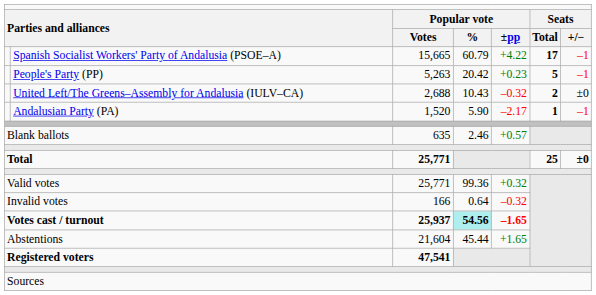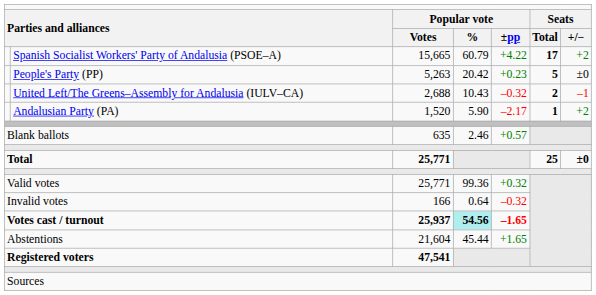 <table class="wikitable" style="text-align:right;">
 <tr>
 <td colspan="7"></td>
 </tr>
 <tr>
 <th style="text-align:left;" rowspan="2" colspan="2" width="525">Parties and alliances</th>
 <th colspan="3">Popular vote</th>
 <th colspan="2">Seats</th>
 </tr>
 <tr>
 <th width="75">Votes</th>
 <th width="45">%</th>
 <th width="45">±<a href='#'>pp</a></th>
 <th width="35">Total</th>
 <th width="35">+/−</th>
 </tr>
 <tr>
 <td width="1" style="color:inherit;background:"></td>
 <td align="left"><a href='#'>Spanish Socialist Workers' Party of Andalusia</a> (PSOE–A)</td>
 <td>15,665</td>
 <td>60.79</td>
 <td style="color:green;">+4.22</td>
 <td><strong>17</strong></td>
-<td style="color:red;">–1</td>
+<td style="color:green;">+2</td>
 </tr>
 <tr>
 <td style="color:inherit;background:"></td>
 <td align="left"><a href='#'>People's Party</a> (PP)</td>
 <td>5,263</td>
 <td>20.42</td>
 <td style="color:green;">+0.23</td>
 <td><strong>5</strong></td>
-<td style="color:red;">–1</td>
+<td>±0</td>
 </tr>
 <tr>
 <td style="color:inherit;background:"></td>
 <td align="left"><a href='#'>United Left/The Greens–Assembly for Andalusia</a> (IULV–CA)</td>
 <td>2,688</td>
 <td>10.43</td>
 <td style="color:red;">–0.32</td>
 <td><strong>2</strong></td>
-<td>±0</td>
+<td style="color:red;">–1</td>
 </tr>
 <tr>
 <td style="color:inherit;background:"></td>
 <td align="left"><a href='#'>Andalusian Party</a> (PA)</td>
 <td>1,520</td>
 <td>5.90</td>
 <td style="color:red;">–2.17</td>
 <td><strong>1</strong></td>
-<td style="color:red;">–1</td>
+<td style="color:green;">+2</td>
 </tr>
 <tr>
 <td colspan="7" bgcolor="#C0C0C0"></td>
 </tr>
 <tr>
 <td align="left" colspan="2">Blank ballots</td>
 <td>635</td>
 <td>2.46</td>
 <td style="color:green;">+0.57</td>
 <td bgcolor="#E9E9E9" colspan="2"></td>
 </tr>
 <tr>
 <td colspan="7" bgcolor="#E9E9E9"></td>
 </tr>
 <tr style="font-weight:bold;">
 <td align="left" colspan="2">Total</td>
 <td>25,771</td>
 <td bgcolor="#E9E9E9" colspan="2"></td>
 <td>25</td>
 <td>±0</td>
 </tr>
 <tr>
 <td colspan="7" bgcolor="#E9E9E9"></td>
 </tr>
 <tr>
 <td align="left" colspan="2">Valid votes</td>
 <td>25,771</td>
 <td>99.36</td>
 <td style="color:green;">+0.32</td>
 <td bgcolor="#E9E9E9" colspan="2" rowspan="5"></td>
 </tr>
 <tr>
 <td align="left" colspan="2">Invalid votes</td>
 <td>166</td>
 <td>0.64</td>
 <td style="color:red;">–0.32</td>
 </tr>
 <tr style="font-weight:bold;">
 <td align="left" colspan="2">Votes cast / turnout</td>
 <td>25,937</td>
 <td style="background: paleturquoise;">54.56</td>
 <td style="color:red;">–1.65</td>
 </tr>
 <tr>
 <td align="left" colspan="2">Abstentions</td>
 <td>21,604</td>
 <td>45.44</td>
 <td style="color:green;">+1.65</td>
 </tr>
 <tr style="font-weight:bold;">
 <td align="left" colspan="2">Registered voters</td>
 <td>47,541</td>
 <td bgcolor="#E9E9E9" colspan="2"></td>
 </tr>
 <tr>
 <td colspan="7" bgcolor="#E9E9E9"></td>
 </tr>
 <tr>
 <td align="left" colspan="7">Sources</td>
 </tr>
 </table>
